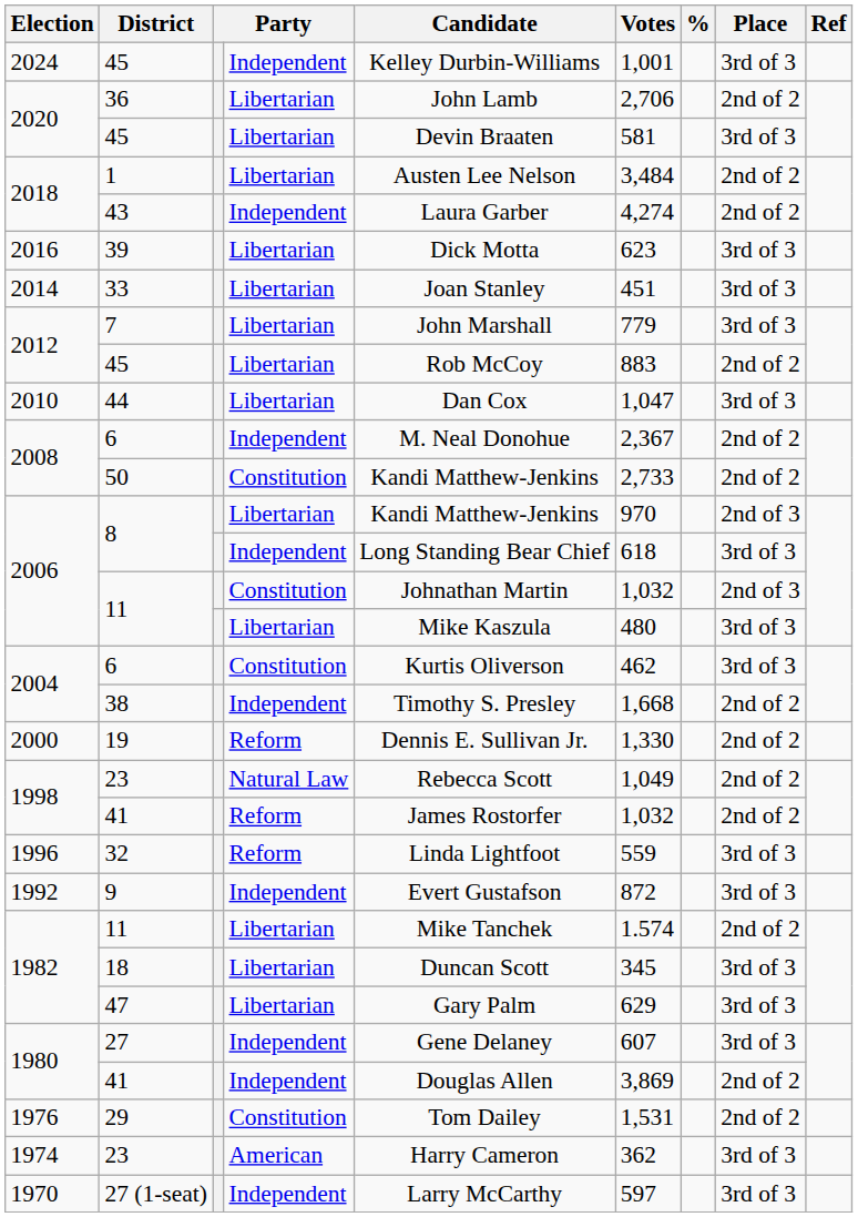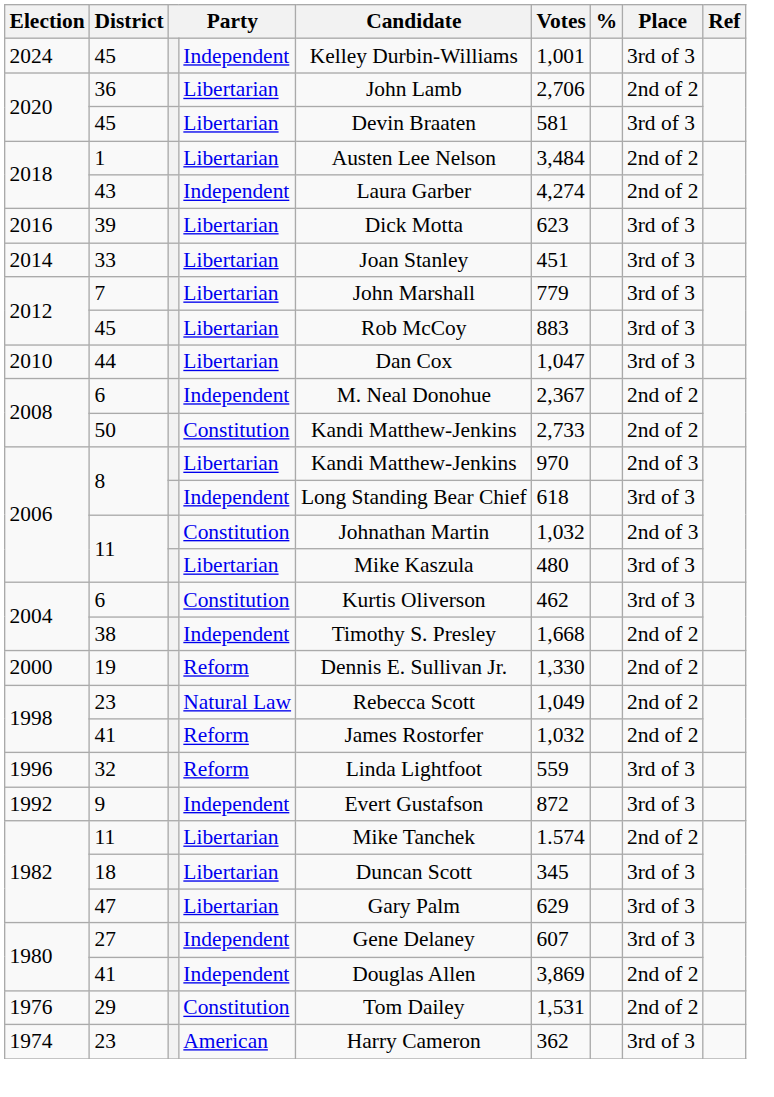 <table class="wikitable sortable">
 <tr>
 <th>Election</th>
 <th>District</th>
 <th colspan=2>Party</th>
 <th>Candidate</th>
 <th>Votes</th>
 <th>%</th>
 <th>Place</th>
 <th>Ref</th>
 </tr>
 <tr>
 <td rowspan=1>2024</td>
 <td>45</td>
 <th style="background-color:"></th>
 <td><a href='#'>Independent</a></td>
 <td align="center">Kelley Durbin-Williams</td>
 <td>1,001</td>
 <td></td>
 <td>3rd of 3</td>
 <td rowspan=1></td>
 </tr>
 <tr>
 <td rowspan=2>2020</td>
 <td>36</td>
 <th style="background-color:"></th>
 <td><a href='#'>Libertarian</a></td>
 <td align="center">John Lamb</td>
 <td>2,706</td>
 <td></td>
 <td>2nd of 2</td>
 <td rowspan=2></td>
 </tr>
 <tr>
 <td>45</td>
 <th style="background-color:"></th>
 <td><a href='#'>Libertarian</a></td>
 <td align="center">Devin Braaten</td>
 <td>581</td>
 <td></td>
 <td>3rd of 3</td>
 </tr>
 <tr>
 <td rowspan=2>2018</td>
 <td>1</td>
 <th style="background-color:"></th>
 <td><a href='#'>Libertarian</a></td>
 <td align="center">Austen Lee Nelson</td>
 <td>3,484</td>
 <td></td>
 <td>2nd of 2</td>
 <td rowspan=2></td>
 </tr>
 <tr>
 <td>43</td>
 <th style="background-color:"></th>
 <td><a href='#'>Independent</a></td>
 <td align="center">Laura Garber</td>
 <td>4,274</td>
 <td></td>
 <td>2nd of 2</td>
 </tr>
 <tr>
 <td rowspan=1>2016</td>
 <td>39</td>
 <th style="background-color:"></th>
 <td><a href='#'>Libertarian</a></td>
 <td align="center">Dick Motta</td>
 <td>623</td>
 <td></td>
 <td>3rd of 3</td>
 <td rowspan=1></td>
 </tr>
 <tr>
 <td rowspan=1>2014</td>
 <td>33</td>
 <th style="background-color:"></th>
 <td><a href='#'>Libertarian</a></td>
 <td align="center">Joan Stanley</td>
 <td>451</td>
 <td></td>
 <td>3rd of 3</td>
 <td rowspan=1></td>
 </tr>
 <tr>
 <td rowspan=2>2012</td>
 <td>7</td>
 <th style="background-color:"></th>
 <td><a href='#'>Libertarian</a></td>
 <td align="center">John Marshall</td>
 <td>779</td>
 <td></td>
 <td>3rd of 3</td>
 <td rowspan=2></td>
 </tr>
 <tr>
 <td>45</td>
 <th style="background-color:"></th>
 <td><a href='#'>Libertarian</a></td>
 <td align="center">Rob McCoy</td>
 <td>883</td>
 <td></td>
-<td>2nd of 2</td>
+<td>3rd of 3</td>
 </tr>
 <tr>
 <td rowspan=1>2010</td>
 <td>44</td>
 <th style="background-color:"></th>
 <td><a href='#'>Libertarian</a></td>
 <td align="center">Dan Cox</td>
 <td>1,047</td>
 <td></td>
 <td>3rd of 3</td>
 <td rowspan=1></td>
 </tr>
 <tr>
 <td rowspan=2>2008</td>
 <td>6</td>
 <th style="background-color:"></th>
 <td><a href='#'>Independent</a></td>
 <td align="center">M. Neal Donohue</td>
 <td>2,367</td>
 <td></td>
 <td>2nd of 2</td>
 <td rowspan=2></td>
 </tr>
 <tr>
 <td>50</td>
 <th style="background-color:"></th>
 <td><a href='#'>Constitution</a></td>
 <td align="center">Kandi Matthew-Jenkins</td>
 <td>2,733</td>
 <td></td>
 <td>2nd of 2</td>
 </tr>
 <tr>
 <td rowspan=4>2006</td>
 <td rowspan=2>8</td>
 <th style="background-color:"></th>
 <td><a href='#'>Libertarian</a></td>
 <td align="center">Kandi Matthew-Jenkins</td>
 <td>970</td>
 <td></td>
 <td>2nd of 3</td>
 <td rowspan=4></td>
 </tr>
 <tr>
 <th style="background-color:"></th>
 <td><a href='#'>Independent</a></td>
 <td align="center">Long Standing Bear Chief</td>
 <td>618</td>
 <td></td>
 <td>3rd of 3</td>
 </tr>
 <tr>
 <td rowspan=2>11</td>
 <th style="background-color:"></th>
 <td><a href='#'>Constitution</a></td>
 <td align="center">Johnathan Martin</td>
 <td>1,032</td>
 <td></td>
 <td>2nd of 3</td>
 </tr>
 <tr>
 <th style="background-color:"></th>
 <td><a href='#'>Libertarian</a></td>
 <td align="center">Mike Kaszula</td>
 <td>480</td>
 <td></td>
 <td>3rd of 3</td>
 </tr>
 <tr>
 <td rowspan=2>2004</td>
 <td>6</td>
 <th style="background-color:"></th>
 <td><a href='#'>Constitution</a></td>
 <td align="center">Kurtis Oliverson</td>
 <td>462</td>
 <td></td>
 <td>3rd of 3</td>
 <td rowspan=2></td>
 </tr>
 <tr>
 <td>38</td>
 <th style="background-color:"></th>
 <td><a href='#'>Independent</a></td>
 <td align="center">Timothy S. Presley</td>
 <td>1,668</td>
 <td></td>
 <td>2nd of 2</td>
 </tr>
 <tr>
 <td rowspan=1>2000</td>
 <td>19</td>
 <th style="background-color:"></th>
 <td><a href='#'>Reform</a></td>
 <td align="center">Dennis E. Sullivan Jr.</td>
 <td>1,330</td>
 <td></td>
 <td>2nd of 2</td>
 <td rowspan=1></td>
 </tr>
 <tr>
 <td rowspan=2>1998</td>
 <td>23</td>
 <th style="background-color:"></th>
 <td><a href='#'>Natural Law</a></td>
 <td align="center">Rebecca Scott</td>
 <td>1,049</td>
 <td></td>
 <td>2nd of 2</td>
 <td rowspan=2></td>
 </tr>
 <tr>
 <td>41</td>
 <th style="background-color:"></th>
 <td><a href='#'>Reform</a></td>
 <td align="center">James Rostorfer</td>
 <td>1,032</td>
 <td></td>
 <td>2nd of 2</td>
 </tr>
 <tr>
 <td rowspan=1>1996</td>
 <td>32</td>
 <th style="background-color:"></th>
 <td><a href='#'>Reform</a></td>
 <td align="center">Linda Lightfoot</td>
 <td>559</td>
 <td></td>
 <td>3rd of 3</td>
 <td rowspan=1></td>
 </tr>
 <tr>
 <td rowspan=1>1992</td>
 <td>9</td>
 <th style="background-color:"></th>
 <td><a href='#'>Independent</a></td>
 <td align="center">Evert Gustafson</td>
 <td>872</td>
 <td></td>
 <td>3rd of 3</td>
 <td rowspan=1></td>
 </tr>
 <tr>
 <td rowspan=3>1982</td>
 <td>11</td>
 <th style="background-color:"></th>
 <td><a href='#'>Libertarian</a></td>
 <td align="center">Mike Tanchek</td>
 <td>1.574</td>
 <td></td>
 <td>2nd of 2</td>
 <td rowspan=3></td>
 </tr>
 <tr>
 <td>18</td>
 <th style="background-color:"></th>
 <td><a href='#'>Libertarian</a></td>
 <td align="center">Duncan Scott</td>
 <td>345</td>
 <td></td>
 <td>3rd of 3</td>
 </tr>
 <tr>
 <td>47</td>
 <th style="background-color:"></th>
 <td><a href='#'>Libertarian</a></td>
 <td align="center">Gary Palm</td>
 <td>629</td>
 <td></td>
 <td>3rd of 3</td>
 </tr>
 <tr>
 <td rowspan=2>1980</td>
 <td>27</td>
 <th style="background-color:"></th>
 <td><a href='#'>Independent</a></td>
 <td align="center">Gene Delaney</td>
 <td>607</td>
 <td></td>
 <td>3rd of 3</td>
 <td rowspan=2></td>
 </tr>
 <tr>
 <td>41</td>
 <th style="background-color:"></th>
 <td><a href='#'>Independent</a></td>
 <td align="center">Douglas Allen</td>
 <td>3,869</td>
 <td></td>
 <td>2nd of 2</td>
 </tr>
 <tr>
 <td rowspan=1>1976</td>
 <td>29</td>
 <th style="background-color:"></th>
 <td><a href='#'>Constitution</a></td>
 <td align="center">Tom Dailey</td>
 <td>1,531</td>
 <td></td>
 <td>2nd of 2</td>
 <td rowspan=1></td>
 </tr>
 <tr>
 <td rowspan=1>1974</td>
 <td>23</td>
 <th style="background-color:"></th>
 <td><a href='#'>American</a></td>
 <td align="center">Harry Cameron</td>
 <td>362</td>
 <td></td>
 <td>3rd of 3</td>
 <td rowspan=1></td>
 </tr>
 <tr>
-<td rowspan=1>1970</td>
-<td>27 (1-seat)</td>
-<th style="background-color:"></th>
-<td><a href='#'>Independent</a></td>
-<td align="center">Larry McCarthy</td>
-<td>597</td>
-<td></td>
-<td>3rd of 3</td>
-<td rowspan=1></td>
-</tr>
-<tr>
 </tr>
 </table>
